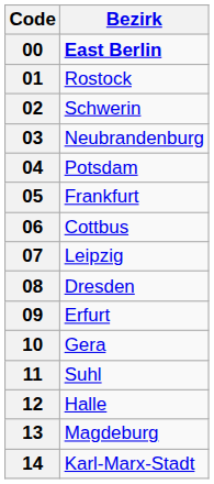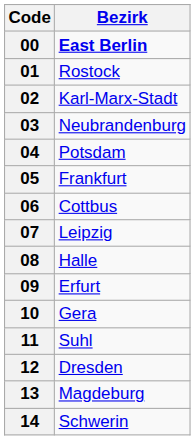 <table class="wikitable sortable">
 <tr>
 <th>Code</th>
 <th><a href='#'>Bezirk</a></th>
 </tr>
 <tr>
 <th>00</th>
 <td><strong><a href='#'>East Berlin</a></strong></td>
 </tr>
 <tr>
 <th>01</th>
 <td><a href='#'>Rostock</a></td>
 </tr>
 <tr>
 <th>02</th>
-<td><a href='#'>Schwerin</a></td>
+<td><a href='#'>Karl-Marx-Stadt</a></td>
 </tr>
 <tr>
 <th>03</th>
 <td><a href='#'>Neubrandenburg</a></td>
 </tr>
 <tr>
 <th>04</th>
 <td><a href='#'>Potsdam</a></td>
 </tr>
 <tr>
 <th>05</th>
 <td><a href='#'>Frankfurt</a></td>
 </tr>
 <tr>
 <th>06</th>
 <td><a href='#'>Cottbus</a></td>
 </tr>
 <tr>
 <th>07</th>
 <td><a href='#'>Leipzig</a></td>
 </tr>
 <tr>
 <th>08</th>
-<td><a href='#'>Dresden</a></td>
+<td><a href='#'>Halle</a></td>
 </tr>
 <tr>
 <th>09</th>
 <td><a href='#'>Erfurt</a></td>
 </tr>
 <tr>
 <th>10</th>
 <td><a href='#'>Gera</a></td>
 </tr>
 <tr>
 <th>11</th>
 <td><a href='#'>Suhl</a></td>
 </tr>
 <tr>
 <th>12</th>
-<td><a href='#'>Halle</a></td>
+<td><a href='#'>Dresden</a></td>
 </tr>
 <tr>
 <th>13</th>
 <td><a href='#'>Magdeburg</a></td>
 </tr>
 <tr>
 <th>14</th>
-<td><a href='#'>Karl-Marx-Stadt</a></td>
+<td><a href='#'>Schwerin</a></td>
 </tr>
 </table>
